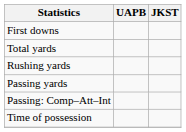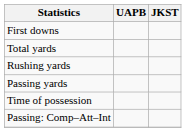 <table class="wikitable" style="float: left;">
 <tr>
 <th>Statistics</th>
 <th>UAPB</th>
 <th>JKST</th>
 </tr>
 <tr>
 <td>First downs</td>
 <td></td>
 <td></td>
 </tr>
 <tr>
 <td>Total yards</td>
 <td></td>
 <td></td>
 </tr>
 <tr>
 <td>Rushing yards</td>
 <td></td>
 <td></td>
 </tr>
 <tr>
 <td>Passing yards</td>
 <td></td>
 <td></td>
 </tr>
 <tr>
-<td>Passing: Comp–Att–Int</td>
+<td>Time of possession</td>
 <td></td>
 <td></td>
 </tr>
 <tr>
-<td>Time of possession</td>
+<td>Passing: Comp–Att–Int</td>
 <td></td>
 <td></td>
 </tr>
 <tr>
 </tr>
 </table>
